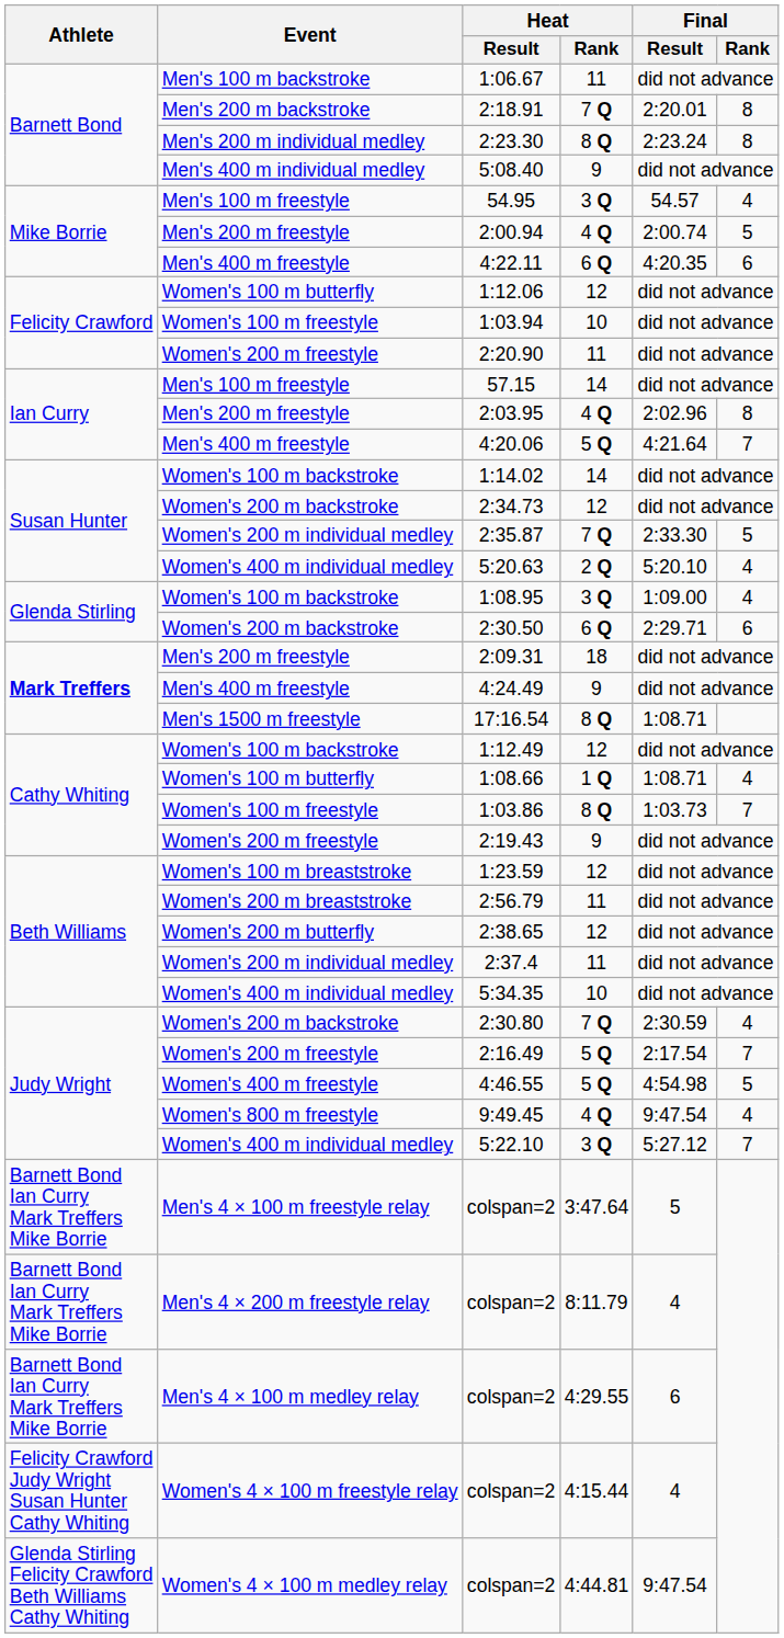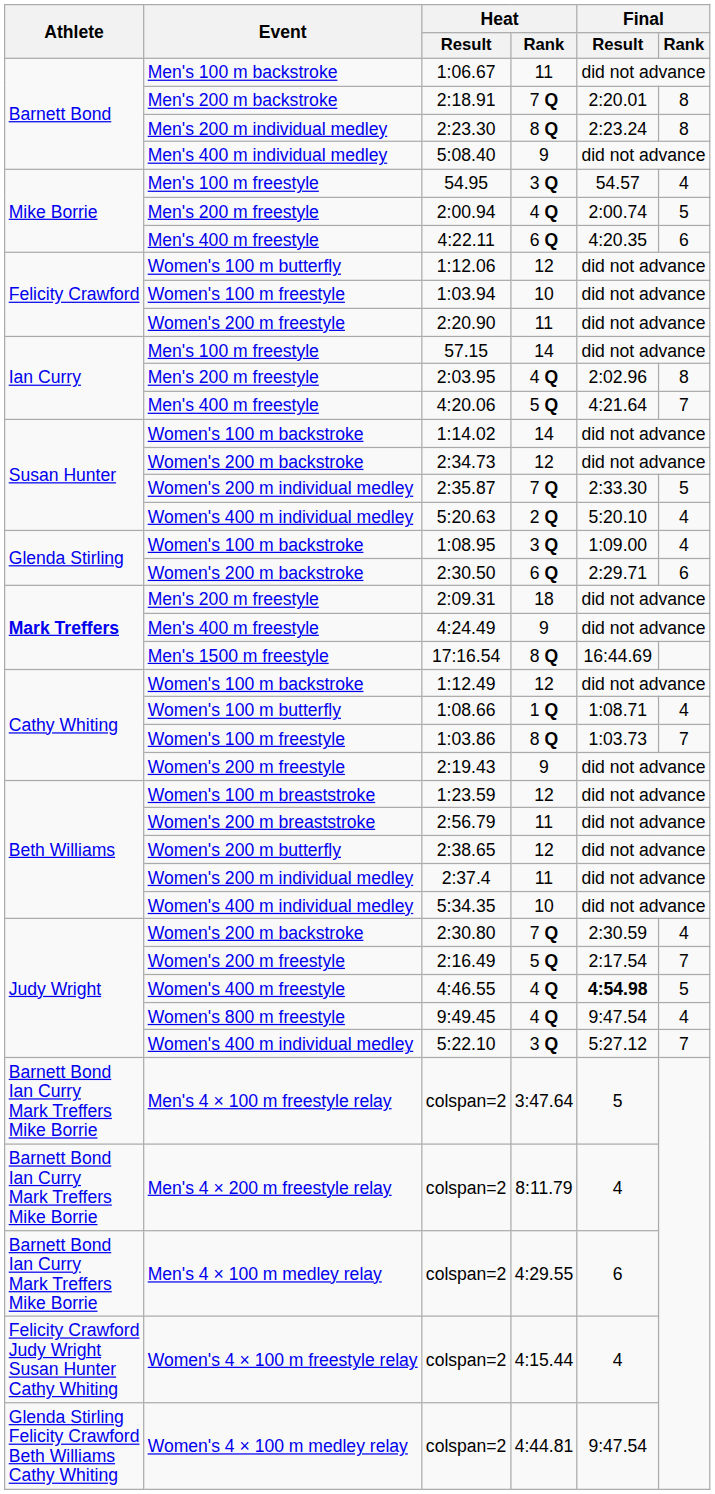 <table class=wikitable style=font-size:90%>
 <tr>
 <th rowspan=2>Athlete</th>
 <th rowspan=2>Event</th>
 <th colspan=2>Heat</th>
 <th colspan=2>Final</th>
 </tr>
 <tr style=font-size:95%>
 <th>Result</th>
 <th>Rank</th>
 <th>Result</th>
 <th>Rank</th>
 </tr>
 <tr align=center>
 <td align=left rowspan=4><a href='#'>Barnett Bond</a></td>
 <td align=left><a href='#'>Men's 100 m backstroke</a></td>
 <td>1:06.67</td>
 <td>11</td>
 <td colspan=2>did not advance</td>
 </tr>
 <tr align=center>
 <td align=left><a href='#'>Men's 200 m backstroke</a></td>
 <td>2:18.91</td>
 <td>7 <strong>Q</strong></td>
 <td>2:20.01</td>
 <td>8</td>
 </tr>
 <tr align=center>
 <td align=left><a href='#'>Men's 200 m individual medley</a></td>
 <td>2:23.30</td>
 <td>8 <strong>Q</strong></td>
 <td>2:23.24</td>
 <td>8</td>
 </tr>
 <tr align=center>
 <td align=left><a href='#'>Men's 400 m individual medley</a></td>
 <td>5:08.40</td>
 <td>9</td>
 <td colspan=2>did not advance</td>
 </tr>
 <tr align=center>
 <td align=left rowspan=3><a href='#'>Mike Borrie</a></td>
 <td align=left><a href='#'>Men's 100 m freestyle</a></td>
 <td>54.95</td>
 <td>3 <strong>Q</strong></td>
 <td>54.57</td>
 <td>4</td>
 </tr>
 <tr align=center>
 <td align=left><a href='#'>Men's 200 m freestyle</a></td>
 <td>2:00.94</td>
 <td>4 <strong>Q</strong></td>
 <td>2:00.74</td>
 <td>5</td>
 </tr>
 <tr align=center>
 <td align=left><a href='#'>Men's 400 m freestyle</a></td>
 <td>4:22.11</td>
 <td>6 <strong>Q</strong></td>
 <td>4:20.35</td>
 <td>6</td>
 </tr>
 <tr align=center>
 <td align=left rowspan=3><a href='#'>Felicity Crawford</a></td>
 <td align=left><a href='#'>Women's 100 m butterfly</a></td>
 <td>1:12.06</td>
 <td>12</td>
 <td colspan=2>did not advance</td>
 </tr>
 <tr align=center>
 <td align=left><a href='#'>Women's 100 m freestyle</a></td>
 <td>1:03.94</td>
 <td>10</td>
 <td colspan=2>did not advance</td>
 </tr>
 <tr align=center>
 <td align=left><a href='#'>Women's 200 m freestyle</a></td>
 <td>2:20.90</td>
 <td>11</td>
 <td colspan=2>did not advance</td>
 </tr>
 <tr align=center>
 <td align=left rowspan=3><a href='#'>Ian Curry</a></td>
 <td align=left><a href='#'>Men's 100 m freestyle</a></td>
 <td>57.15</td>
 <td>14</td>
 <td colspan=2>did not advance</td>
 </tr>
 <tr align=center>
 <td align=left><a href='#'>Men's 200 m freestyle</a></td>
 <td>2:03.95</td>
 <td>4 <strong>Q</strong></td>
 <td>2:02.96</td>
 <td>8</td>
 </tr>
 <tr align=center>
 <td align=left><a href='#'>Men's 400 m freestyle</a></td>
 <td>4:20.06</td>
 <td>5 <strong>Q</strong></td>
 <td>4:21.64</td>
 <td>7</td>
 </tr>
 <tr align=center>
 <td align=left rowspan=4><a href='#'>Susan Hunter</a></td>
 <td align=left><a href='#'>Women's 100 m backstroke</a></td>
 <td>1:14.02</td>
 <td>14</td>
 <td colspan=2>did not advance</td>
 </tr>
 <tr align=center>
 <td align=left><a href='#'>Women's 200 m backstroke</a></td>
 <td>2:34.73</td>
 <td>12</td>
 <td colspan=2>did not advance</td>
 </tr>
 <tr align=center>
 <td align=left><a href='#'>Women's 200 m individual medley</a></td>
 <td>2:35.87</td>
 <td>7 <strong>Q</strong></td>
 <td>2:33.30</td>
 <td>5</td>
 </tr>
 <tr align=center>
 <td align=left><a href='#'>Women's 400 m individual medley</a></td>
 <td>5:20.63</td>
 <td>2 <strong>Q</strong></td>
 <td>5:20.10</td>
 <td>4</td>
 </tr>
 <tr align=center>
 <td align=left rowspan=2><a href='#'>Glenda Stirling</a></td>
 <td align=left><a href='#'>Women's 100 m backstroke</a></td>
 <td>1:08.95</td>
 <td>3 <strong>Q</strong></td>
 <td>1:09.00</td>
 <td>4</td>
 </tr>
 <tr align=center>
 <td align=left><a href='#'>Women's 200 m backstroke</a></td>
 <td>2:30.50</td>
 <td>6 <strong>Q</strong></td>
 <td>2:29.71</td>
 <td>6</td>
 </tr>
 <tr align=center>
 <td align=left rowspan=3><strong><a href='#'>Mark Treffers</a></strong></td>
 <td align=left><a href='#'>Men's 200 m freestyle</a></td>
 <td>2:09.31</td>
 <td>18</td>
 <td colspan=2>did not advance</td>
 </tr>
 <tr align=center>
 <td align=left><a href='#'>Men's 400 m freestyle</a></td>
 <td>4:24.49</td>
 <td>9</td>
 <td colspan=2>did not advance</td>
 </tr>
 <tr align=center>
 <td align=left><a href='#'>Men's 1500 m freestyle</a></td>
 <td>17:16.54</td>
 <td>8 <strong>Q</strong></td>
-<td>1:08.71</td>
+<td>16:44.69</td>
 <td></td>
 </tr>
 <tr align=center>
 <td align=left rowspan=4><a href='#'>Cathy Whiting</a></td>
 <td align=left><a href='#'>Women's 100 m backstroke</a></td>
 <td>1:12.49</td>
 <td>12</td>
 <td colspan=2>did not advance</td>
 </tr>
 <tr align=center>
 <td align=left><a href='#'>Women's 100 m butterfly</a></td>
 <td>1:08.66</td>
 <td>1 <strong>Q</strong></td>
 <td>1:08.71</td>
 <td>4</td>
 </tr>
 <tr align=center>
 <td align=left><a href='#'>Women's 100 m freestyle</a></td>
 <td>1:03.86</td>
 <td>8 <strong>Q</strong></td>
 <td>1:03.73</td>
 <td>7</td>
 </tr>
 <tr align=center>
 <td align=left><a href='#'>Women's 200 m freestyle</a></td>
 <td>2:19.43</td>
 <td>9</td>
 <td colspan=2>did not advance</td>
 </tr>
 <tr align=center>
 <td align=left rowspan=5><a href='#'>Beth Williams</a></td>
 <td align=left><a href='#'>Women's 100 m breaststroke</a></td>
 <td>1:23.59</td>
 <td>12</td>
 <td colspan=2>did not advance</td>
 </tr>
 <tr align=center>
 <td align=left><a href='#'>Women's 200 m breaststroke</a></td>
 <td>2:56.79</td>
 <td>11</td>
 <td colspan=2>did not advance</td>
 </tr>
 <tr align=center>
 <td align=left><a href='#'>Women's 200 m butterfly</a></td>
 <td>2:38.65</td>
 <td>12</td>
 <td colspan=2>did not advance</td>
 </tr>
 <tr align=center>
 <td align=left><a href='#'>Women's 200 m individual medley</a></td>
 <td>2:37.4</td>
 <td>11</td>
 <td colspan=2>did not advance</td>
 </tr>
 <tr align=center>
 <td align=left><a href='#'>Women's 400 m individual medley</a></td>
 <td>5:34.35</td>
 <td>10</td>
 <td colspan=2>did not advance</td>
 </tr>
 <tr align=center>
 <td align=left rowspan=5><a href='#'>Judy Wright</a></td>
 <td align=left><a href='#'>Women's 200 m backstroke</a></td>
 <td>2:30.80</td>
 <td>7 <strong>Q</strong></td>
 <td>2:30.59</td>
 <td>4</td>
 </tr>
 <tr align=center>
 <td align=left><a href='#'>Women's 200 m freestyle</a></td>
 <td>2:16.49</td>
 <td>5 <strong>Q</strong></td>
 <td>2:17.54</td>
 <td>7</td>
 </tr>
 <tr align=center>
 <td align=left><a href='#'>Women's 400 m freestyle</a></td>
 <td>4:46.55</td>
-<td>5 <strong>Q</strong></td>
-<td>4:54.98</td>
+<td>4 <strong>Q</strong></td>
+<td><strong>4:54.98</strong></td>
 <td>5</td>
 </tr>
 <tr align=center>
 <td align=left><a href='#'>Women's 800 m freestyle</a></td>
 <td>9:49.45</td>
 <td>4 <strong>Q</strong></td>
 <td>9:47.54</td>
 <td>4</td>
 </tr>
 <tr align=center>
 <td align=left><a href='#'>Women's 400 m individual medley</a></td>
 <td>5:22.10</td>
 <td>3 <strong>Q</strong></td>
 <td>5:27.12</td>
 <td>7</td>
 </tr>
 <tr align=center>
 <td align=left><a href='#'>Barnett Bond</a><br><a href='#'>Ian Curry</a><br><a href='#'>Mark Treffers</a><br><a href='#'>Mike Borrie</a></td>
 <td align=left><a href='#'>Men's 4 × 100 m freestyle relay</a></td>
 <td>colspan=2 </td>
 <td>3:47.64</td>
 <td>5</td>
 </tr>
 <tr align=center>
 <td align=left><a href='#'>Barnett Bond</a><br><a href='#'>Ian Curry</a><br><a href='#'>Mark Treffers</a><br><a href='#'>Mike Borrie</a></td>
 <td align=left><a href='#'>Men's 4 × 200 m freestyle relay</a></td>
 <td>colspan=2 </td>
 <td>8:11.79</td>
 <td>4</td>
 </tr>
 <tr align=center>
 <td align=left><a href='#'>Barnett Bond</a><br><a href='#'>Ian Curry</a><br><a href='#'>Mark Treffers</a><br><a href='#'>Mike Borrie</a></td>
 <td align=left><a href='#'>Men's 4 × 100 m medley relay</a></td>
 <td>colspan=2 </td>
 <td>4:29.55</td>
 <td>6</td>
 </tr>
 <tr align=center>
 <td align=left><a href='#'>Felicity Crawford</a><br><a href='#'>Judy Wright</a><br><a href='#'>Susan Hunter</a><br><a href='#'>Cathy Whiting</a></td>
 <td align=left><a href='#'>Women's 4 × 100 m freestyle relay</a></td>
 <td>colspan=2 </td>
 <td>4:15.44</td>
 <td>4</td>
 </tr>
 <tr align=center>
 <td align=left><a href='#'>Glenda Stirling</a><br><a href='#'>Felicity Crawford</a><br><a href='#'>Beth Williams</a><br><a href='#'>Cathy Whiting</a></td>
 <td align=left><a href='#'>Women's 4 × 100 m medley relay</a></td>
 <td>colspan=2 </td>
 <td>4:44.81</td>
 <td>9:47.54</td>
 </tr>
 </table>
